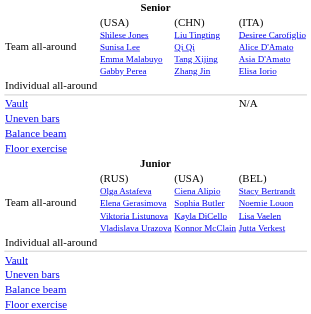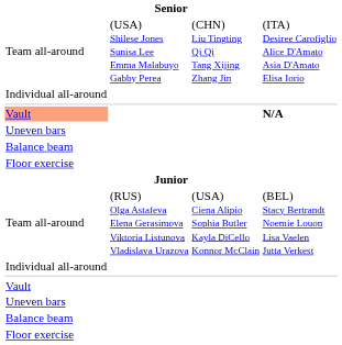 <table>
 <tr>
 <th colspan="4">Senior</th>
 </tr>
 <tr>
 <td>Team all-around</td>
 <td> (USA) <br><small><a href='#'>Shilese Jones</a><br><a href='#'>Sunisa Lee</a><br><a href='#'>Emma Malabuyo</a><br><a href='#'>Gabby Perea</a></small></td>
 <td> (CHN) <br><small><a href='#'>Liu Tingting</a><br><a href='#'>Qi Qi</a><br><a href='#'>Tang Xijing</a><br><a href='#'>Zhang Jin</a></small></td>
 <td> (ITA) <br><small><a href='#'>Desiree Carofiglio</a><br><a href='#'>Alice D'Amato</a><br><a href='#'>Asia D'Amato</a><br><a href='#'>Elisa Iorio</a></small></td>
 </tr>
 <tr>
 <td>Individual all-around</td>
 <td></td>
 <td></td>
 <td></td>
 </tr>
 <tr bgcolor=#DDDDDD>
 <td colspan=7></td>
 </tr>
 <tr>
-<td><a href='#'>Vault</a></td>
+<td style="background: lightsalmon;"><a href='#'>Vault</a></td>
 <td></td>
 <td></td>
-<td>N/A</td>
+<td><strong>N/A</strong></td>
 </tr>
 <tr>
 <td><a href='#'>Uneven bars</a></td>
 <td></td>
 <td></td>
 <td></td>
 </tr>
 <tr>
 <td><a href='#'>Balance beam</a></td>
 <td></td>
 <td></td>
 <td></td>
 </tr>
 <tr>
 <td><a href='#'>Floor exercise</a></td>
 <td></td>
 <td></td>
 <td></td>
 </tr>
 <tr>
 <th colspan="4">Junior</th>
 </tr>
 <tr>
 <td>Team all-around</td>
 <td> (RUS) <br><small><a href='#'>Olga Astafeva</a><br><a href='#'>Elena Gerasimova</a><br><a href='#'>Viktoria Listunova</a><br><a href='#'>Vladislava Urazova</a></small></td>
 <td> (USA) <br><small><a href='#'>Ciena Alipio</a><br><a href='#'>Sophia Butler</a><br><a href='#'>Kayla DiCello</a><br><a href='#'>Konnor McClain</a></small></td>
 <td> (BEL) <br><small><a href='#'>Stacy Bertrandt</a><br><a href='#'>Noemie Louon</a><br><a href='#'>Lisa Vaelen</a><br><a href='#'>Jutta Verkest</a></small></td>
 </tr>
 <tr>
 <td>Individual all-around</td>
 <td></td>
 <td></td>
 <td></td>
 </tr>
 <tr bgcolor=#DDDDDD>
 <td colspan=7></td>
 </tr>
 <tr>
 <td><a href='#'>Vault</a></td>
 <td></td>
 <td></td>
 <td></td>
 </tr>
 <tr>
 <td><a href='#'>Uneven bars</a></td>
 <td></td>
 <td></td>
 <td></td>
 </tr>
 <tr>
 <td><a href='#'>Balance beam</a></td>
 <td></td>
 <td></td>
 <td></td>
 </tr>
 <tr>
 <td><a href='#'>Floor exercise</a></td>
 <td></td>
 <td></td>
 <td></td>
 </tr>
 </table>
